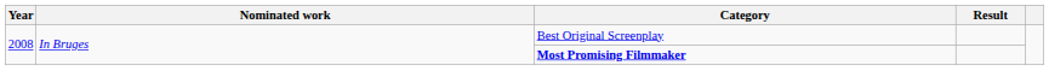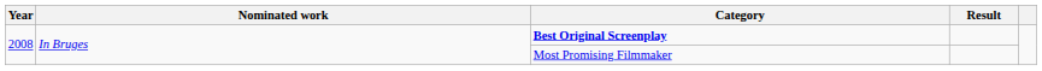 <table class=wikitable>
 <tr>
 <th scope="col" style="width:1em;">Year</th>
 <th scope="col" style="width:39em;">Nominated work</th>
 <th scope="col" style="width:33em;">Category</th>
 <th scope="col" style="width:5em;">Result</th>
 <th scope="col" style="width:1em;"></th>
 </tr>
 <tr>
 <td rowspan="2"><a href='#'>2008</a></td>
 <td rowspan="2"><em><a href='#'>In Bruges</a></em></td>
-<td><a href='#'>Best Original Screenplay</a></td>
+<td><strong><a href='#'>Best Original Screenplay</a></strong></td>
 <td></td>
 <td style="text-align:center;" rowspan="2"></td>
 </tr>
 <tr>
-<td><strong><a href='#'>Most Promising Filmmaker</a></strong></td>
+<td><a href='#'>Most Promising Filmmaker</a></td>
 <td></td>
 </tr>
 </table>
